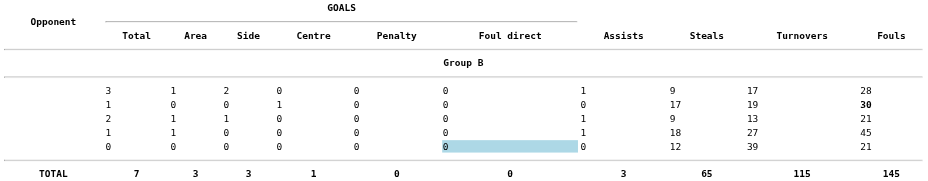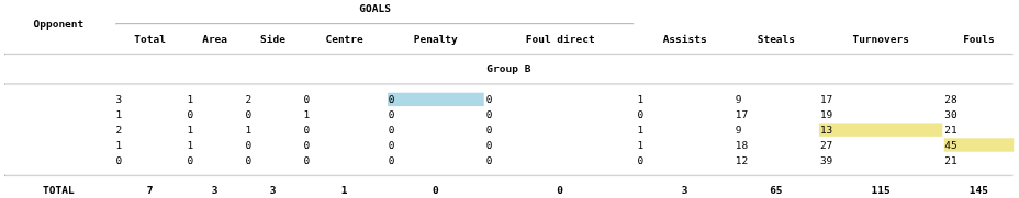 <table border=0 width=100%>
 <tr>
 <th rowspan=3>Opponent</th>
 <th align=center colspan=6 valign=bottom>GOALS</th>
 <th rowspan=3 valign=bottom>Assists</th>
 <th rowspan=3 valign=bottom>Steals</th>
 <th rowspan=3 valign=bottom>Turnovers</th>
 <th rowspan=3 valign=bottom>Fouls</th>
 </tr>
 <tr>
 <th colspan=6><hr></th>
 </tr>
 <tr>
 <th>Total</th>
 <th>Area</th>
 <th>Side</th>
 <th>Centre</th>
 <th>Penalty</th>
 <th>Foul direct</th>
 </tr>
 <tr>
 <th colspan=11><hr></th>
 </tr>
 <tr>
 <th colspan=11>Group B</th>
 </tr>
 <tr>
 <th colspan=11><hr></th>
 </tr>
 <tr>
 <td></td>
 <td>3</td>
 <td>1</td>
 <td>2</td>
 <td>0</td>
-<td>0</td>
+<td style="background: lightblue;">0</td>
 <td>0</td>
 <td>1</td>
 <td>9</td>
 <td>17</td>
 <td>28</td>
 </tr>
 <tr>
 <td></td>
 <td>1</td>
 <td>0</td>
 <td>0</td>
 <td>1</td>
 <td>0</td>
 <td>0</td>
 <td>0</td>
 <td>17</td>
 <td>19</td>
-<td><strong>30</strong></td>
+<td>30</td>
 </tr>
 <tr>
 <td></td>
 <td>2</td>
 <td>1</td>
 <td>1</td>
 <td>0</td>
 <td>0</td>
 <td>0</td>
 <td>1</td>
 <td>9</td>
-<td>13</td>
+<td style="background: khaki;">13</td>
 <td>21</td>
 </tr>
 <tr>
 <td></td>
 <td>1</td>
 <td>1</td>
 <td>0</td>
 <td>0</td>
 <td>0</td>
 <td>0</td>
 <td>1</td>
 <td>18</td>
 <td>27</td>
-<td>45</td>
+<td style="background: khaki;">45</td>
 </tr>
 <tr>
 <td></td>
 <td>0</td>
 <td>0</td>
 <td>0</td>
 <td>0</td>
 <td>0</td>
-<td style="background: lightblue;">0</td>
+<td>0</td>
 <td>0</td>
 <td>12</td>
 <td>39</td>
 <td>21</td>
 </tr>
 <tr>
 <td colspan=11><hr></td>
 </tr>
 <tr>
 <th>TOTAL</th>
 <th>7</th>
 <th>3</th>
 <th>3</th>
 <th>1</th>
 <th>0</th>
 <th>0</th>
 <th>3</th>
 <th>65</th>
 <th>115</th>
 <th>145</th>
 </tr>
 </table>
